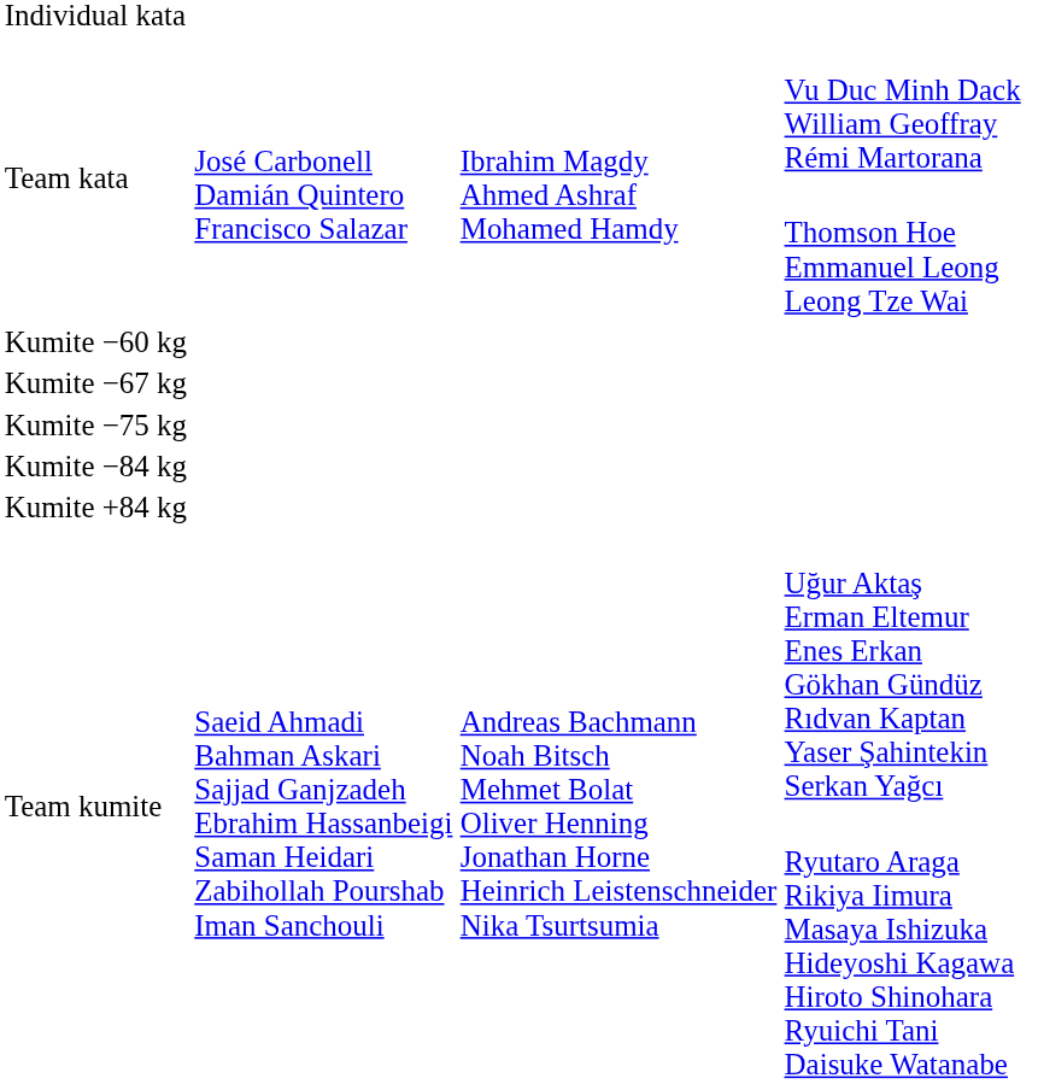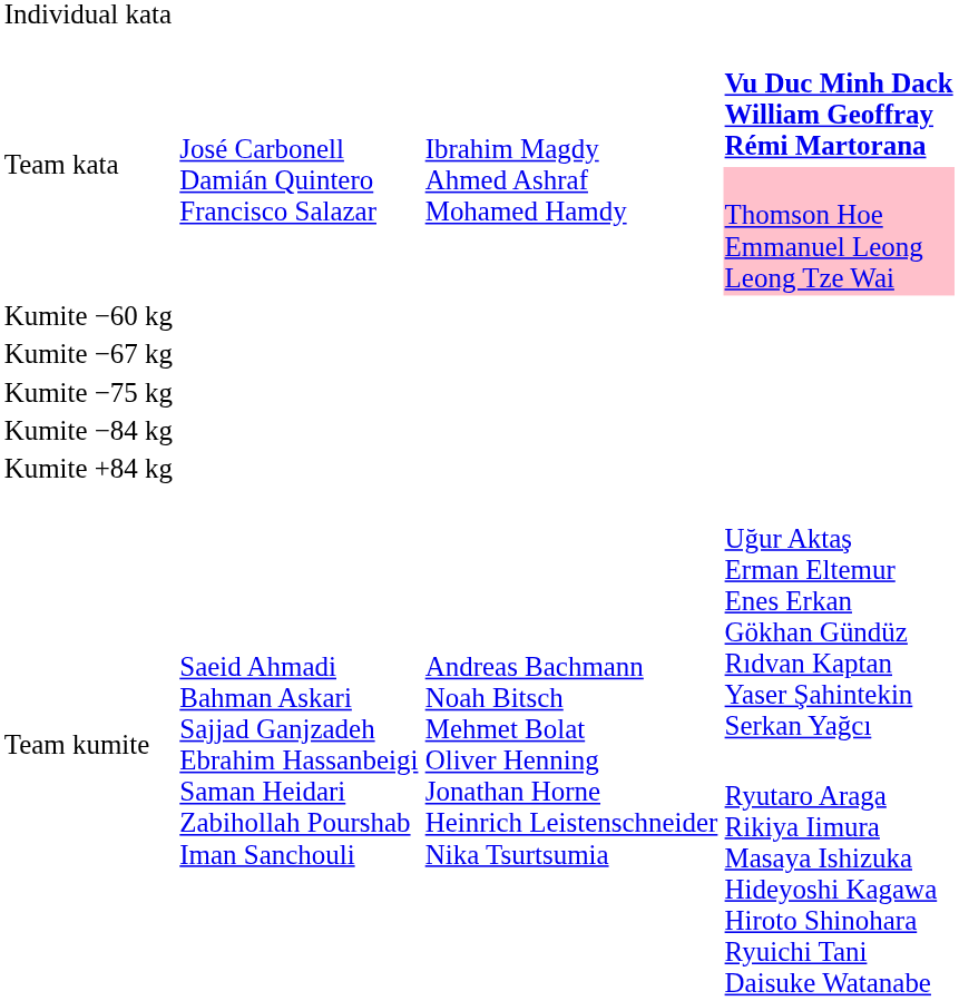 <table>
 <tr>
 <td rowspan=2>Individual kata</td>
 <td rowspan=2></td>
 <td rowspan=2></td>
 <td></td>
 </tr>
 <tr>
 <td></td>
 </tr>
 <tr>
 <td rowspan=2>Team kata</td>
 <td rowspan=2><br><a href='#'>José Carbonell</a><br><a href='#'>Damián Quintero</a><br><a href='#'>Francisco Salazar</a></td>
 <td rowspan=2><br><a href='#'>Ibrahim Magdy</a><br><a href='#'>Ahmed Ashraf</a><br><a href='#'>Mohamed Hamdy</a></td>
-<td><br><a href='#'>Vu Duc Minh Dack</a><br><a href='#'>William Geoffray</a><br><a href='#'>Rémi Martorana</a></td>
+<td><strong><br><a href='#'>Vu Duc Minh Dack</a><br><a href='#'>William Geoffray</a><br><a href='#'>Rémi Martorana</a></strong></td>
 </tr>
 <tr>
-<td><br><a href='#'>Thomson Hoe</a><br><a href='#'>Emmanuel Leong</a><br><a href='#'>Leong Tze Wai</a></td>
+<td style="background: pink;"><br><a href='#'>Thomson Hoe</a><br><a href='#'>Emmanuel Leong</a><br><a href='#'>Leong Tze Wai</a></td>
 </tr>
 <tr>
 <td rowspan=2>Kumite −60 kg</td>
 <td rowspan=2></td>
 <td rowspan=2></td>
 <td></td>
 </tr>
 <tr>
 <td></td>
 </tr>
 <tr>
 <td rowspan=2>Kumite −67 kg</td>
 <td rowspan=2></td>
 <td rowspan=2></td>
 <td></td>
 </tr>
 <tr>
 <td></td>
 </tr>
 <tr>
 <td rowspan=2>Kumite −75 kg</td>
 <td rowspan=2></td>
 <td rowspan=2></td>
 <td></td>
 </tr>
 <tr>
 <td></td>
 </tr>
 <tr>
 <td rowspan=2>Kumite −84 kg</td>
 <td rowspan=2></td>
 <td rowspan=2></td>
 <td></td>
 </tr>
 <tr>
 <td></td>
 </tr>
 <tr>
 <td rowspan=2>Kumite +84 kg</td>
 <td rowspan=2></td>
 <td rowspan=2></td>
 <td></td>
 </tr>
 <tr>
 <td></td>
 </tr>
 <tr>
 <td rowspan=2>Team kumite</td>
 <td rowspan=2><br><a href='#'>Saeid Ahmadi</a><br><a href='#'>Bahman Askari</a><br><a href='#'>Sajjad Ganjzadeh</a><br><a href='#'>Ebrahim Hassanbeigi</a><br><a href='#'>Saman Heidari</a><br><a href='#'>Zabihollah Pourshab</a><br><a href='#'>Iman Sanchouli</a></td>
 <td rowspan=2><br><a href='#'>Andreas Bachmann</a><br><a href='#'>Noah Bitsch</a><br><a href='#'>Mehmet Bolat</a><br><a href='#'>Oliver Henning</a><br><a href='#'>Jonathan Horne</a><br><a href='#'>Heinrich Leistenschneider</a><br><a href='#'>Nika Tsurtsumia</a></td>
 <td><br><a href='#'>Uğur Aktaş</a><br><a href='#'>Erman Eltemur</a><br><a href='#'>Enes Erkan</a><br><a href='#'>Gökhan Gündüz</a><br><a href='#'>Rıdvan Kaptan</a><br><a href='#'>Yaser Şahintekin</a><br><a href='#'>Serkan Yağcı</a></td>
 </tr>
 <tr>
 <td><br><a href='#'>Ryutaro Araga</a><br><a href='#'>Rikiya Iimura</a><br><a href='#'>Masaya Ishizuka</a><br><a href='#'>Hideyoshi Kagawa</a><br><a href='#'>Hiroto Shinohara</a><br><a href='#'>Ryuichi Tani</a><br><a href='#'>Daisuke Watanabe</a></td>
 </tr>
 </table>
